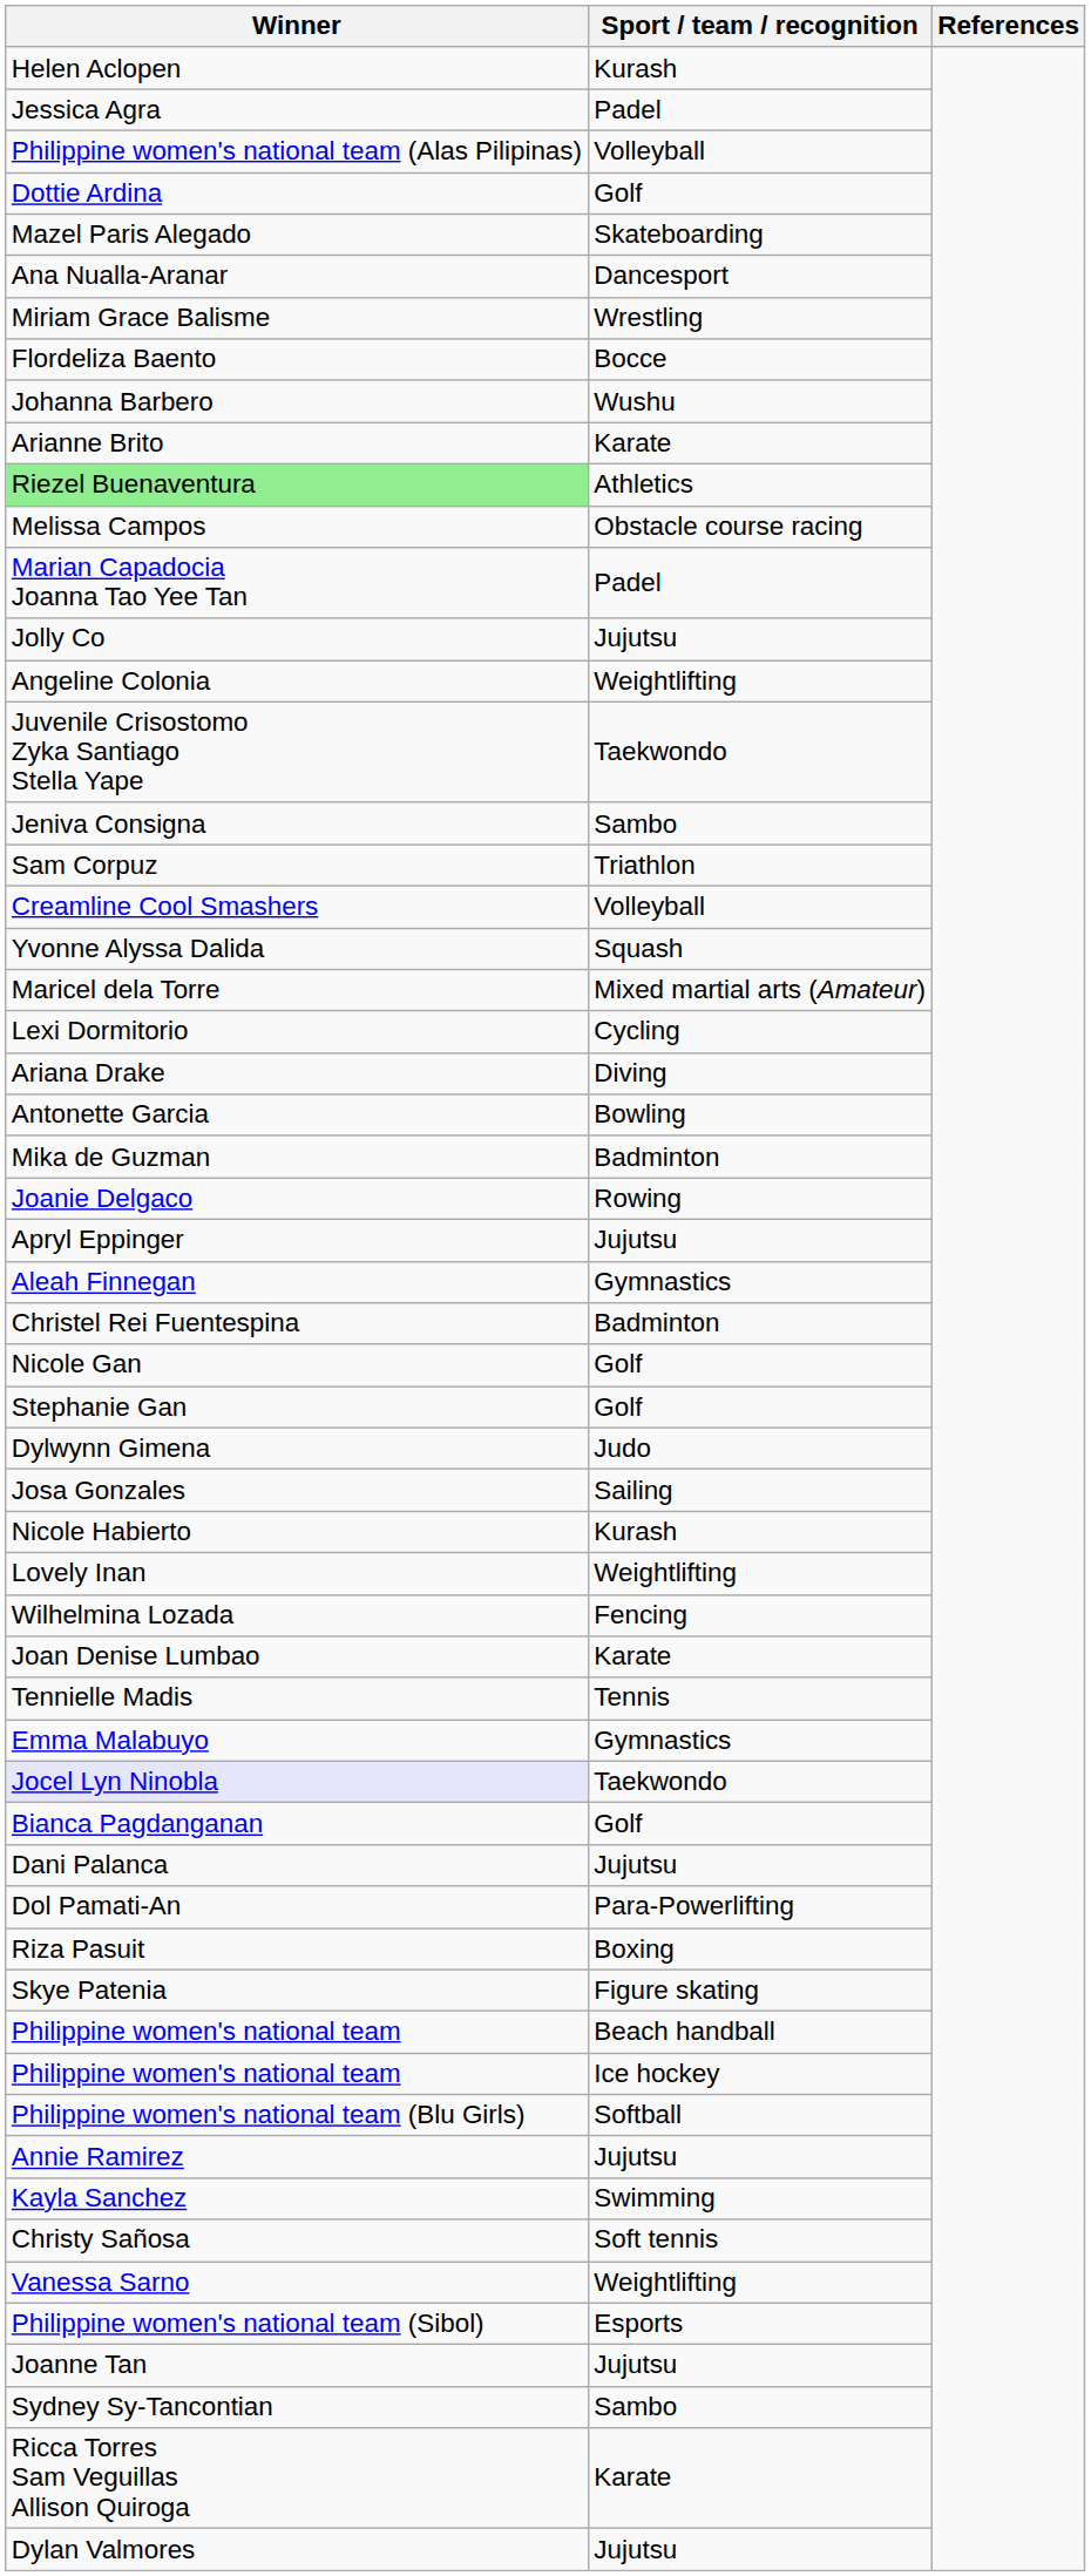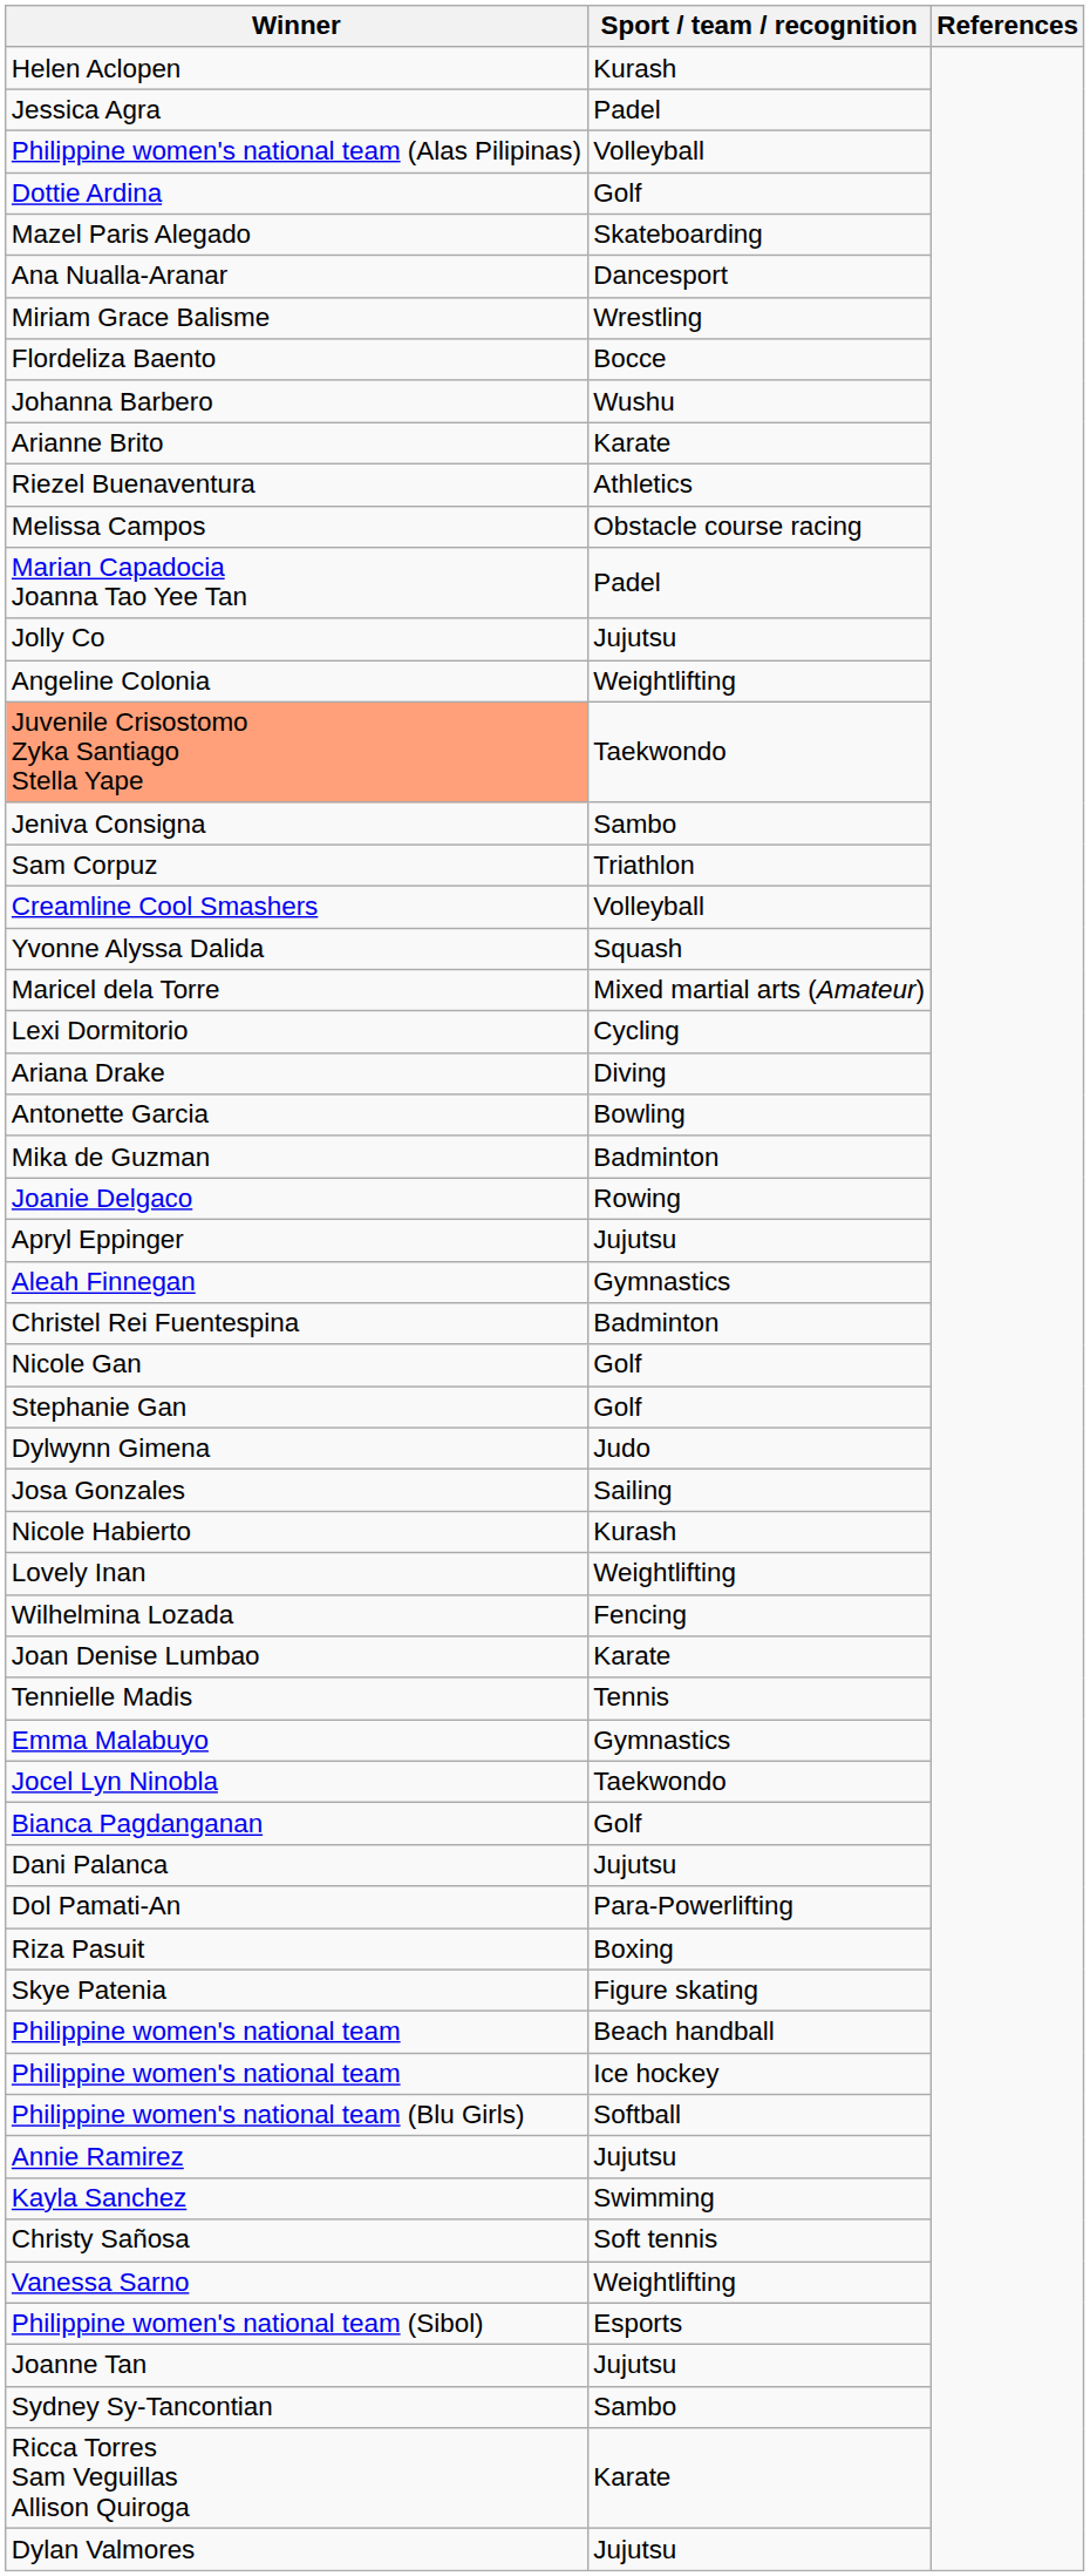 <table class="wikitable">
 <tr>
 <th>Winner</th>
 <th>Sport / team / recognition</th>
 <th>References</th>
 </tr>
 <tr>
 <td>Helen Aclopen</td>
 <td>Kurash</td>
 <td rowspan=59></td>
 </tr>
 <tr>
 <td>Jessica Agra</td>
 <td>Padel</td>
 </tr>
 <tr>
 <td><a href='#'>Philippine women's national team</a> (Alas Pilipinas)</td>
 <td>Volleyball</td>
 </tr>
 <tr>
 <td><a href='#'>Dottie Ardina</a></td>
 <td>Golf</td>
 </tr>
 <tr>
 <td>Mazel Paris Alegado</td>
 <td>Skateboarding</td>
 </tr>
 <tr>
 <td>Ana Nualla-Aranar</td>
 <td>Dancesport</td>
 </tr>
 <tr>
 <td>Miriam Grace Balisme</td>
 <td>Wrestling</td>
 </tr>
 <tr>
 <td>Flordeliza Baento</td>
 <td>Bocce</td>
 </tr>
 <tr>
 <td>Johanna Barbero</td>
 <td>Wushu</td>
 </tr>
 <tr>
 <td>Arianne Brito</td>
 <td>Karate</td>
 </tr>
 <tr>
-<td style="background: lightgreen;">Riezel Buenaventura</td>
+<td>Riezel Buenaventura</td>
 <td>Athletics</td>
 </tr>
 <tr>
 <td>Melissa Campos</td>
 <td>Obstacle course racing</td>
 </tr>
 <tr>
 <td><a href='#'>Marian Capadocia</a> <br> Joanna Tao Yee Tan</td>
 <td>Padel</td>
 </tr>
 <tr>
 <td>Jolly Co</td>
 <td>Jujutsu</td>
 </tr>
 <tr>
 <td>Angeline Colonia</td>
 <td>Weightlifting</td>
 </tr>
 <tr>
-<td>Juvenile Crisostomo <br> Zyka Santiago <br> Stella Yape</td>
+<td style="background: lightsalmon;">Juvenile Crisostomo <br> Zyka Santiago <br> Stella Yape</td>
 <td>Taekwondo</td>
 </tr>
 <tr>
 <td>Jeniva Consigna</td>
 <td>Sambo</td>
 </tr>
 <tr>
 <td>Sam Corpuz</td>
 <td>Triathlon</td>
 </tr>
 <tr>
 <td><a href='#'>Creamline Cool Smashers</a></td>
 <td>Volleyball</td>
 </tr>
 <tr>
 <td>Yvonne Alyssa Dalida</td>
 <td>Squash</td>
 </tr>
 <tr>
 <td>Maricel dela Torre</td>
 <td>Mixed martial arts (<em>Amateur</em>)</td>
 </tr>
 <tr>
 <td>Lexi Dormitorio</td>
 <td>Cycling</td>
 </tr>
 <tr>
 <td>Ariana Drake</td>
 <td>Diving</td>
 </tr>
 <tr>
 <td>Antonette Garcia</td>
 <td>Bowling</td>
 </tr>
 <tr>
 <td>Mika de Guzman</td>
 <td>Badminton</td>
 </tr>
 <tr>
 <td><a href='#'>Joanie Delgaco</a></td>
 <td>Rowing</td>
 </tr>
 <tr>
 <td>Apryl Eppinger</td>
 <td>Jujutsu</td>
 </tr>
 <tr>
 <td><a href='#'>Aleah Finnegan</a></td>
 <td>Gymnastics</td>
 </tr>
 <tr>
 <td>Christel Rei Fuentespina</td>
 <td>Badminton</td>
 </tr>
 <tr>
 <td>Nicole Gan</td>
 <td>Golf</td>
 </tr>
 <tr>
 <td>Stephanie Gan</td>
 <td>Golf</td>
 </tr>
 <tr>
 <td>Dylwynn Gimena</td>
 <td>Judo</td>
 </tr>
 <tr>
 <td>Josa Gonzales</td>
 <td>Sailing</td>
 </tr>
 <tr>
 <td>Nicole Habierto</td>
 <td>Kurash</td>
 </tr>
 <tr>
 <td>Lovely Inan</td>
 <td>Weightlifting</td>
 </tr>
 <tr>
 <td>Wilhelmina Lozada</td>
 <td>Fencing</td>
 </tr>
 <tr>
 <td>Joan Denise Lumbao</td>
 <td>Karate</td>
 </tr>
 <tr>
 <td>Tennielle Madis</td>
 <td>Tennis</td>
 </tr>
 <tr>
 <td><a href='#'>Emma Malabuyo</a></td>
 <td>Gymnastics</td>
 </tr>
 <tr>
-<td style="background: lavender;"><a href='#'>Jocel Lyn Ninobla</a></td>
+<td><a href='#'>Jocel Lyn Ninobla</a></td>
 <td>Taekwondo</td>
 </tr>
 <tr>
 <td><a href='#'>Bianca Pagdanganan</a></td>
 <td>Golf</td>
 </tr>
 <tr>
 <td>Dani Palanca</td>
 <td>Jujutsu</td>
 </tr>
 <tr>
 <td>Dol Pamati-An</td>
 <td>Para-Powerlifting</td>
 </tr>
 <tr>
 <td>Riza Pasuit</td>
 <td>Boxing</td>
 </tr>
 <tr>
 <td>Skye Patenia</td>
 <td>Figure skating</td>
 </tr>
 <tr>
 <td><a href='#'>Philippine women's national team</a></td>
 <td>Beach handball</td>
 </tr>
 <tr>
 <td><a href='#'>Philippine women's national team</a></td>
 <td>Ice hockey</td>
 </tr>
 <tr>
 <td><a href='#'>Philippine women's national team</a>  (Blu Girls)</td>
 <td>Softball</td>
 </tr>
 <tr>
 <td><a href='#'>Annie Ramirez</a></td>
 <td>Jujutsu</td>
 </tr>
 <tr>
 <td><a href='#'>Kayla Sanchez</a></td>
 <td>Swimming</td>
 </tr>
 <tr>
 <td>Christy Sañosa</td>
 <td>Soft tennis</td>
 </tr>
 <tr>
 <td><a href='#'>Vanessa Sarno</a></td>
 <td>Weightlifting</td>
 </tr>
 <tr>
 <td><a href='#'>Philippine women's national team</a> (Sibol)</td>
 <td>Esports</td>
 </tr>
 <tr>
 <td>Joanne Tan</td>
 <td>Jujutsu</td>
 </tr>
 <tr>
 <td>Sydney Sy-Tancontian</td>
 <td>Sambo</td>
 </tr>
 <tr>
 <td>Ricca Torres <br> Sam Veguillas <br> Allison Quiroga</td>
 <td>Karate</td>
 </tr>
 <tr>
 <td>Dylan Valmores</td>
 <td>Jujutsu</td>
 </tr>
 </table>
